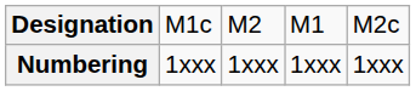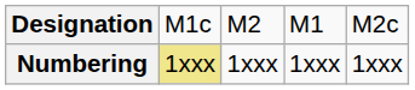 <table class="wikitable">
 <tr>
 <th>Designation</th>
 <td>M1c</td>
 <td>M2</td>
 <td>M1</td>
 <td>M2c</td>
 </tr>
 <tr>
 <th>Numbering</th>
-<td>1xxx</td>
+<td style="background: khaki;">1xxx</td>
 <td>1xxx</td>
 <td>1xxx</td>
 <td>1xxx</td>
 </tr>
 </table>
